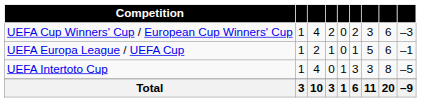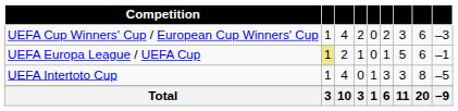 <table class="wikitable" style="text-align: center;">
 <tr>
 <th style="background:#000000;color:#fefefe;border:1px solid #fefefe;">Competition</th>
 <th style="background:#000000;color:#fefefe;border:1px solid #fefefe;"></th>
 <th style="background:#000000;color:#fefefe;border:1px solid #fefefe;"></th>
 <th style="background:#000000;color:#fefefe;border:1px solid #fefefe;"></th>
 <th style="background:#000000;color:#fefefe;border:1px solid #fefefe;"></th>
 <th style="background:#000000;color:#fefefe;border:1px solid #fefefe;"></th>
 <th style="background:#000000;color:#fefefe;border:1px solid #fefefe;"></th>
 <th style="background:#000000;color:#fefefe;border:1px solid #fefefe;"></th>
 <th style="background:#000000;color:#fefefe;border:1px solid #fefefe;"></th>
 </tr>
 <tr>
 <td align=left><a href='#'>UEFA Cup Winners' Cup</a> / <a href='#'>European Cup Winners' Cup</a></td>
 <td>1</td>
 <td>4</td>
 <td>2</td>
 <td>0</td>
 <td>2</td>
 <td>3</td>
 <td>6</td>
 <td>–3</td>
 </tr>
 <tr>
 <td align=left><a href='#'>UEFA Europa League</a> / <a href='#'>UEFA Cup</a></td>
-<td>1</td>
+<td style="background: khaki;">1</td>
 <td>2</td>
 <td>1</td>
 <td>0</td>
 <td>1</td>
 <td>5</td>
 <td>6</td>
 <td>–1</td>
 </tr>
 <tr>
 <td align=left><a href='#'>UEFA Intertoto Cup</a></td>
 <td>1</td>
 <td>4</td>
 <td>0</td>
 <td>1</td>
 <td>3</td>
 <td>3</td>
 <td>8</td>
 <td>–5</td>
 </tr>
 <tr>
 </tr>
 <tr class="sortbottom">
 <th>Total</th>
 <th>3</th>
 <th>10</th>
 <th>3</th>
 <th>1</th>
 <th>6</th>
 <th>11</th>
 <th>20</th>
 <th>–9</th>
 </tr>
 </table>
